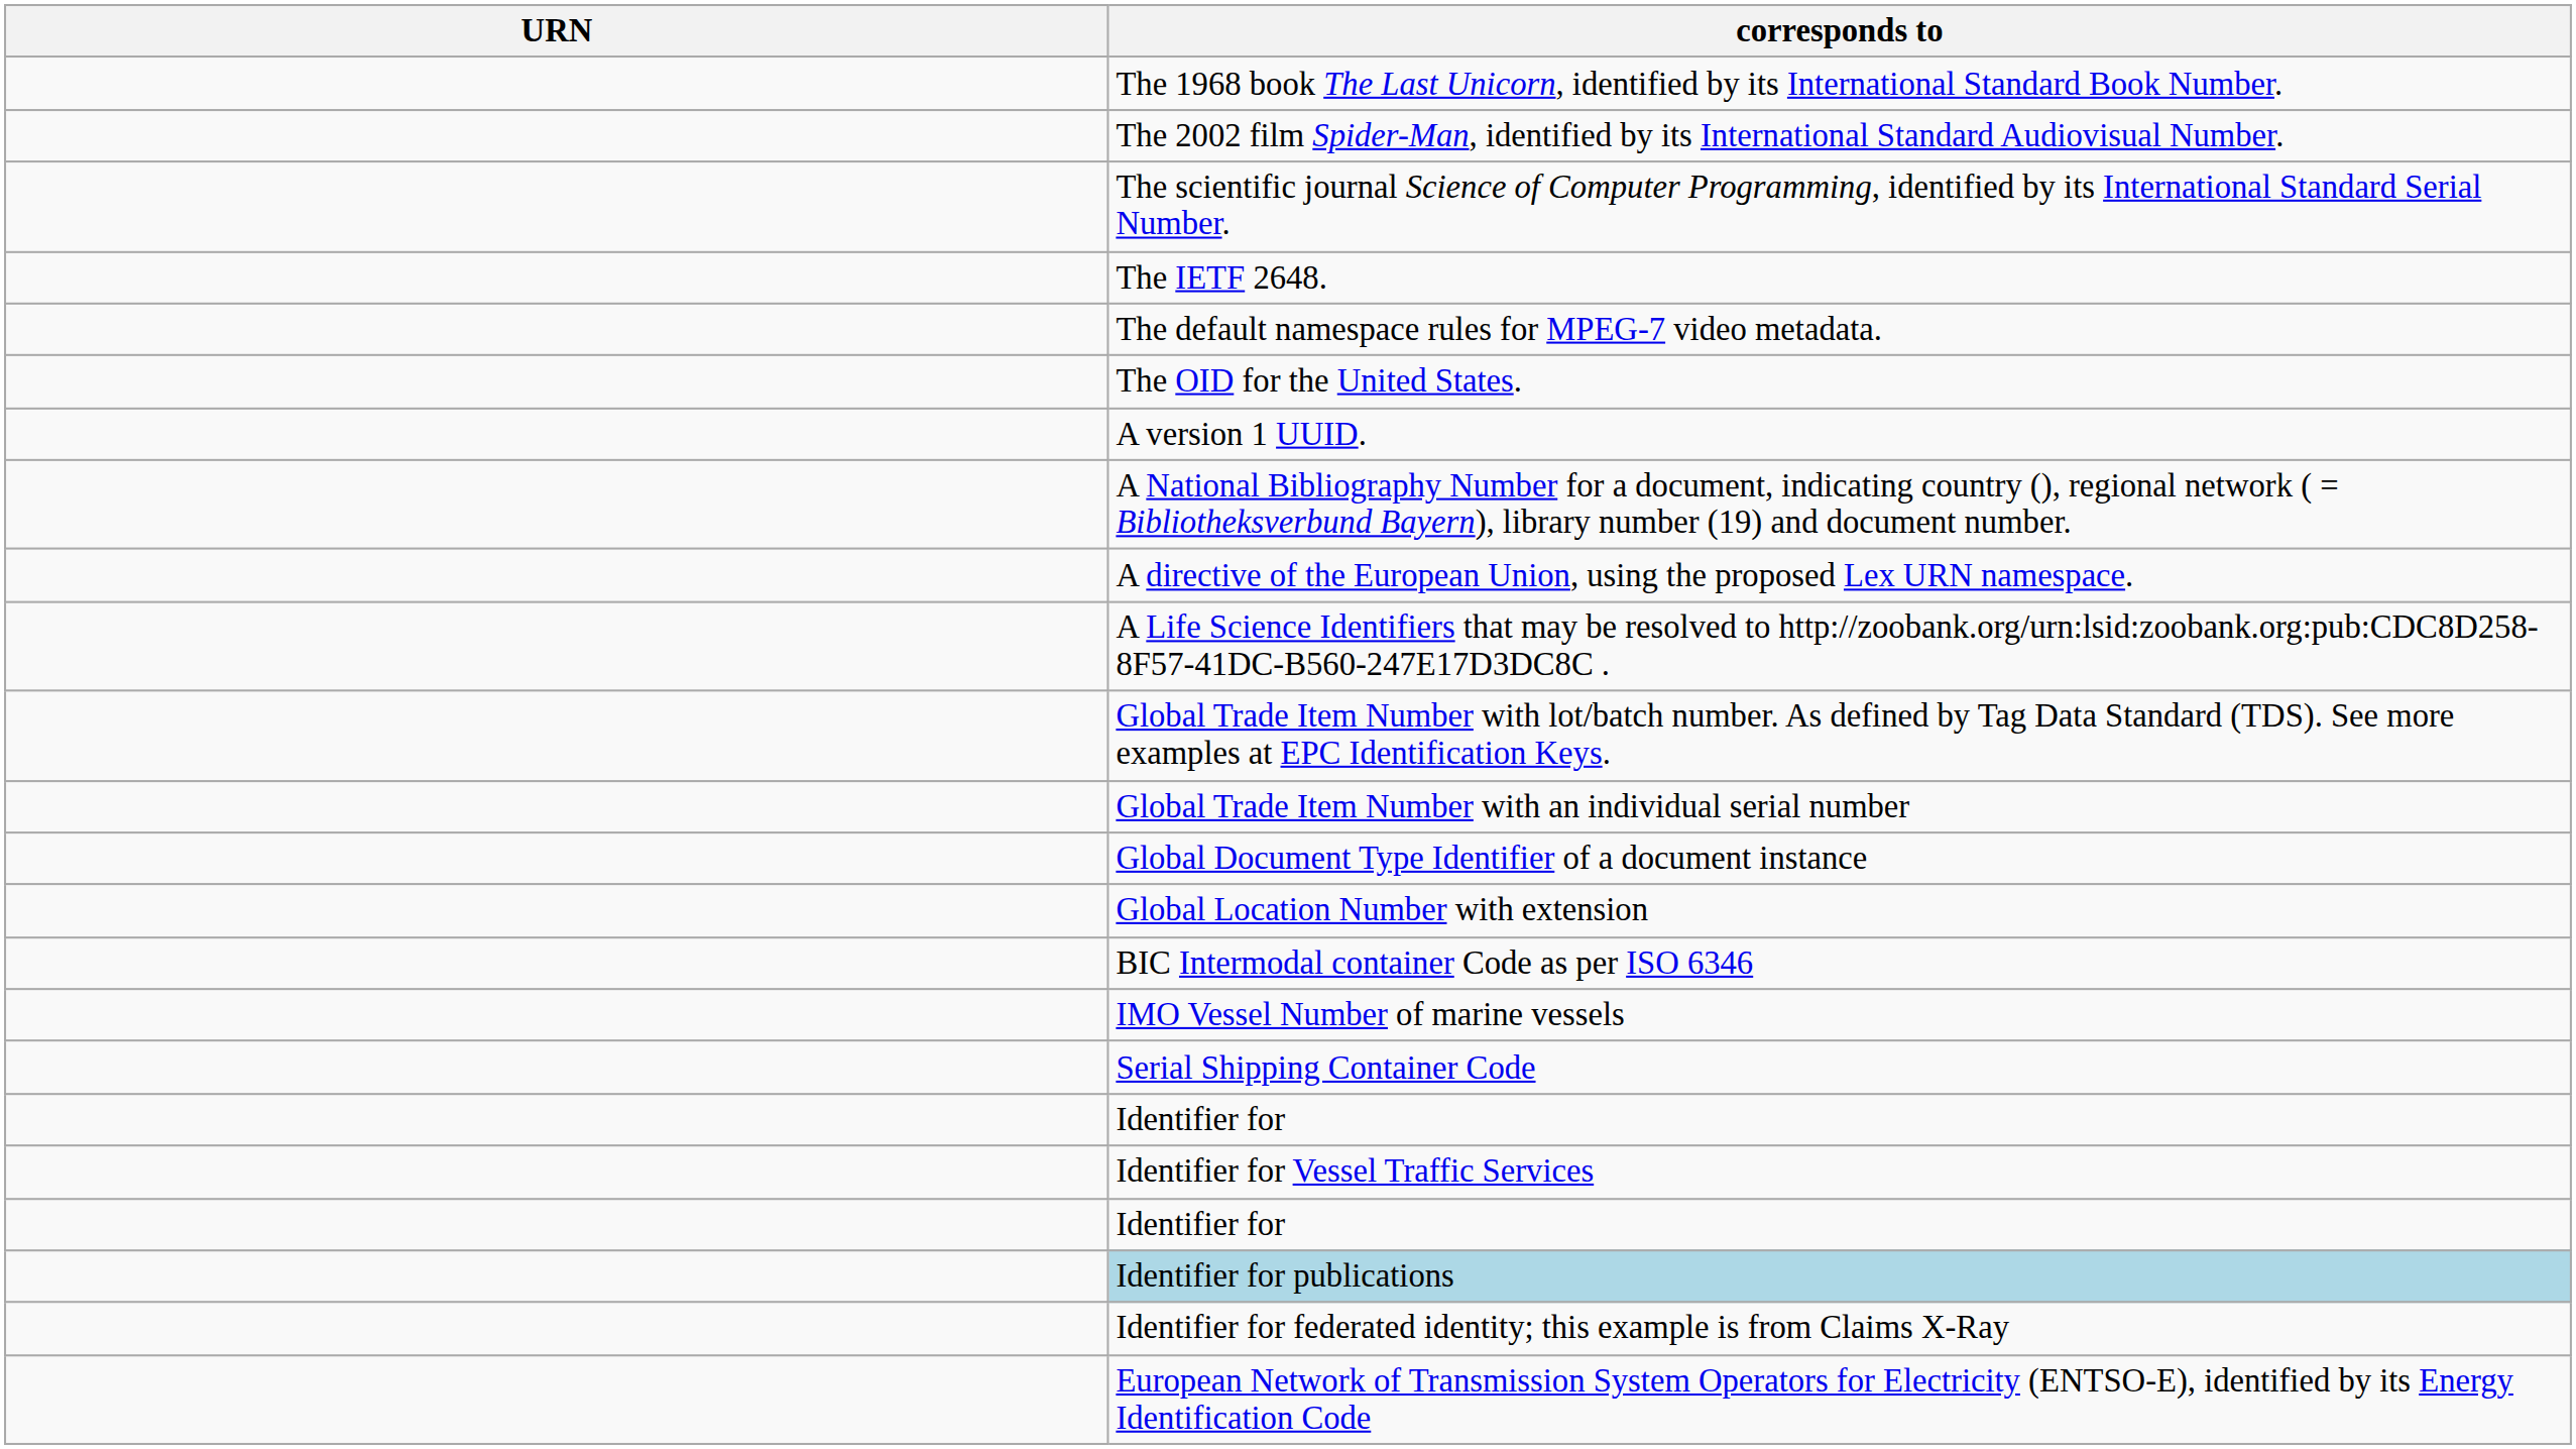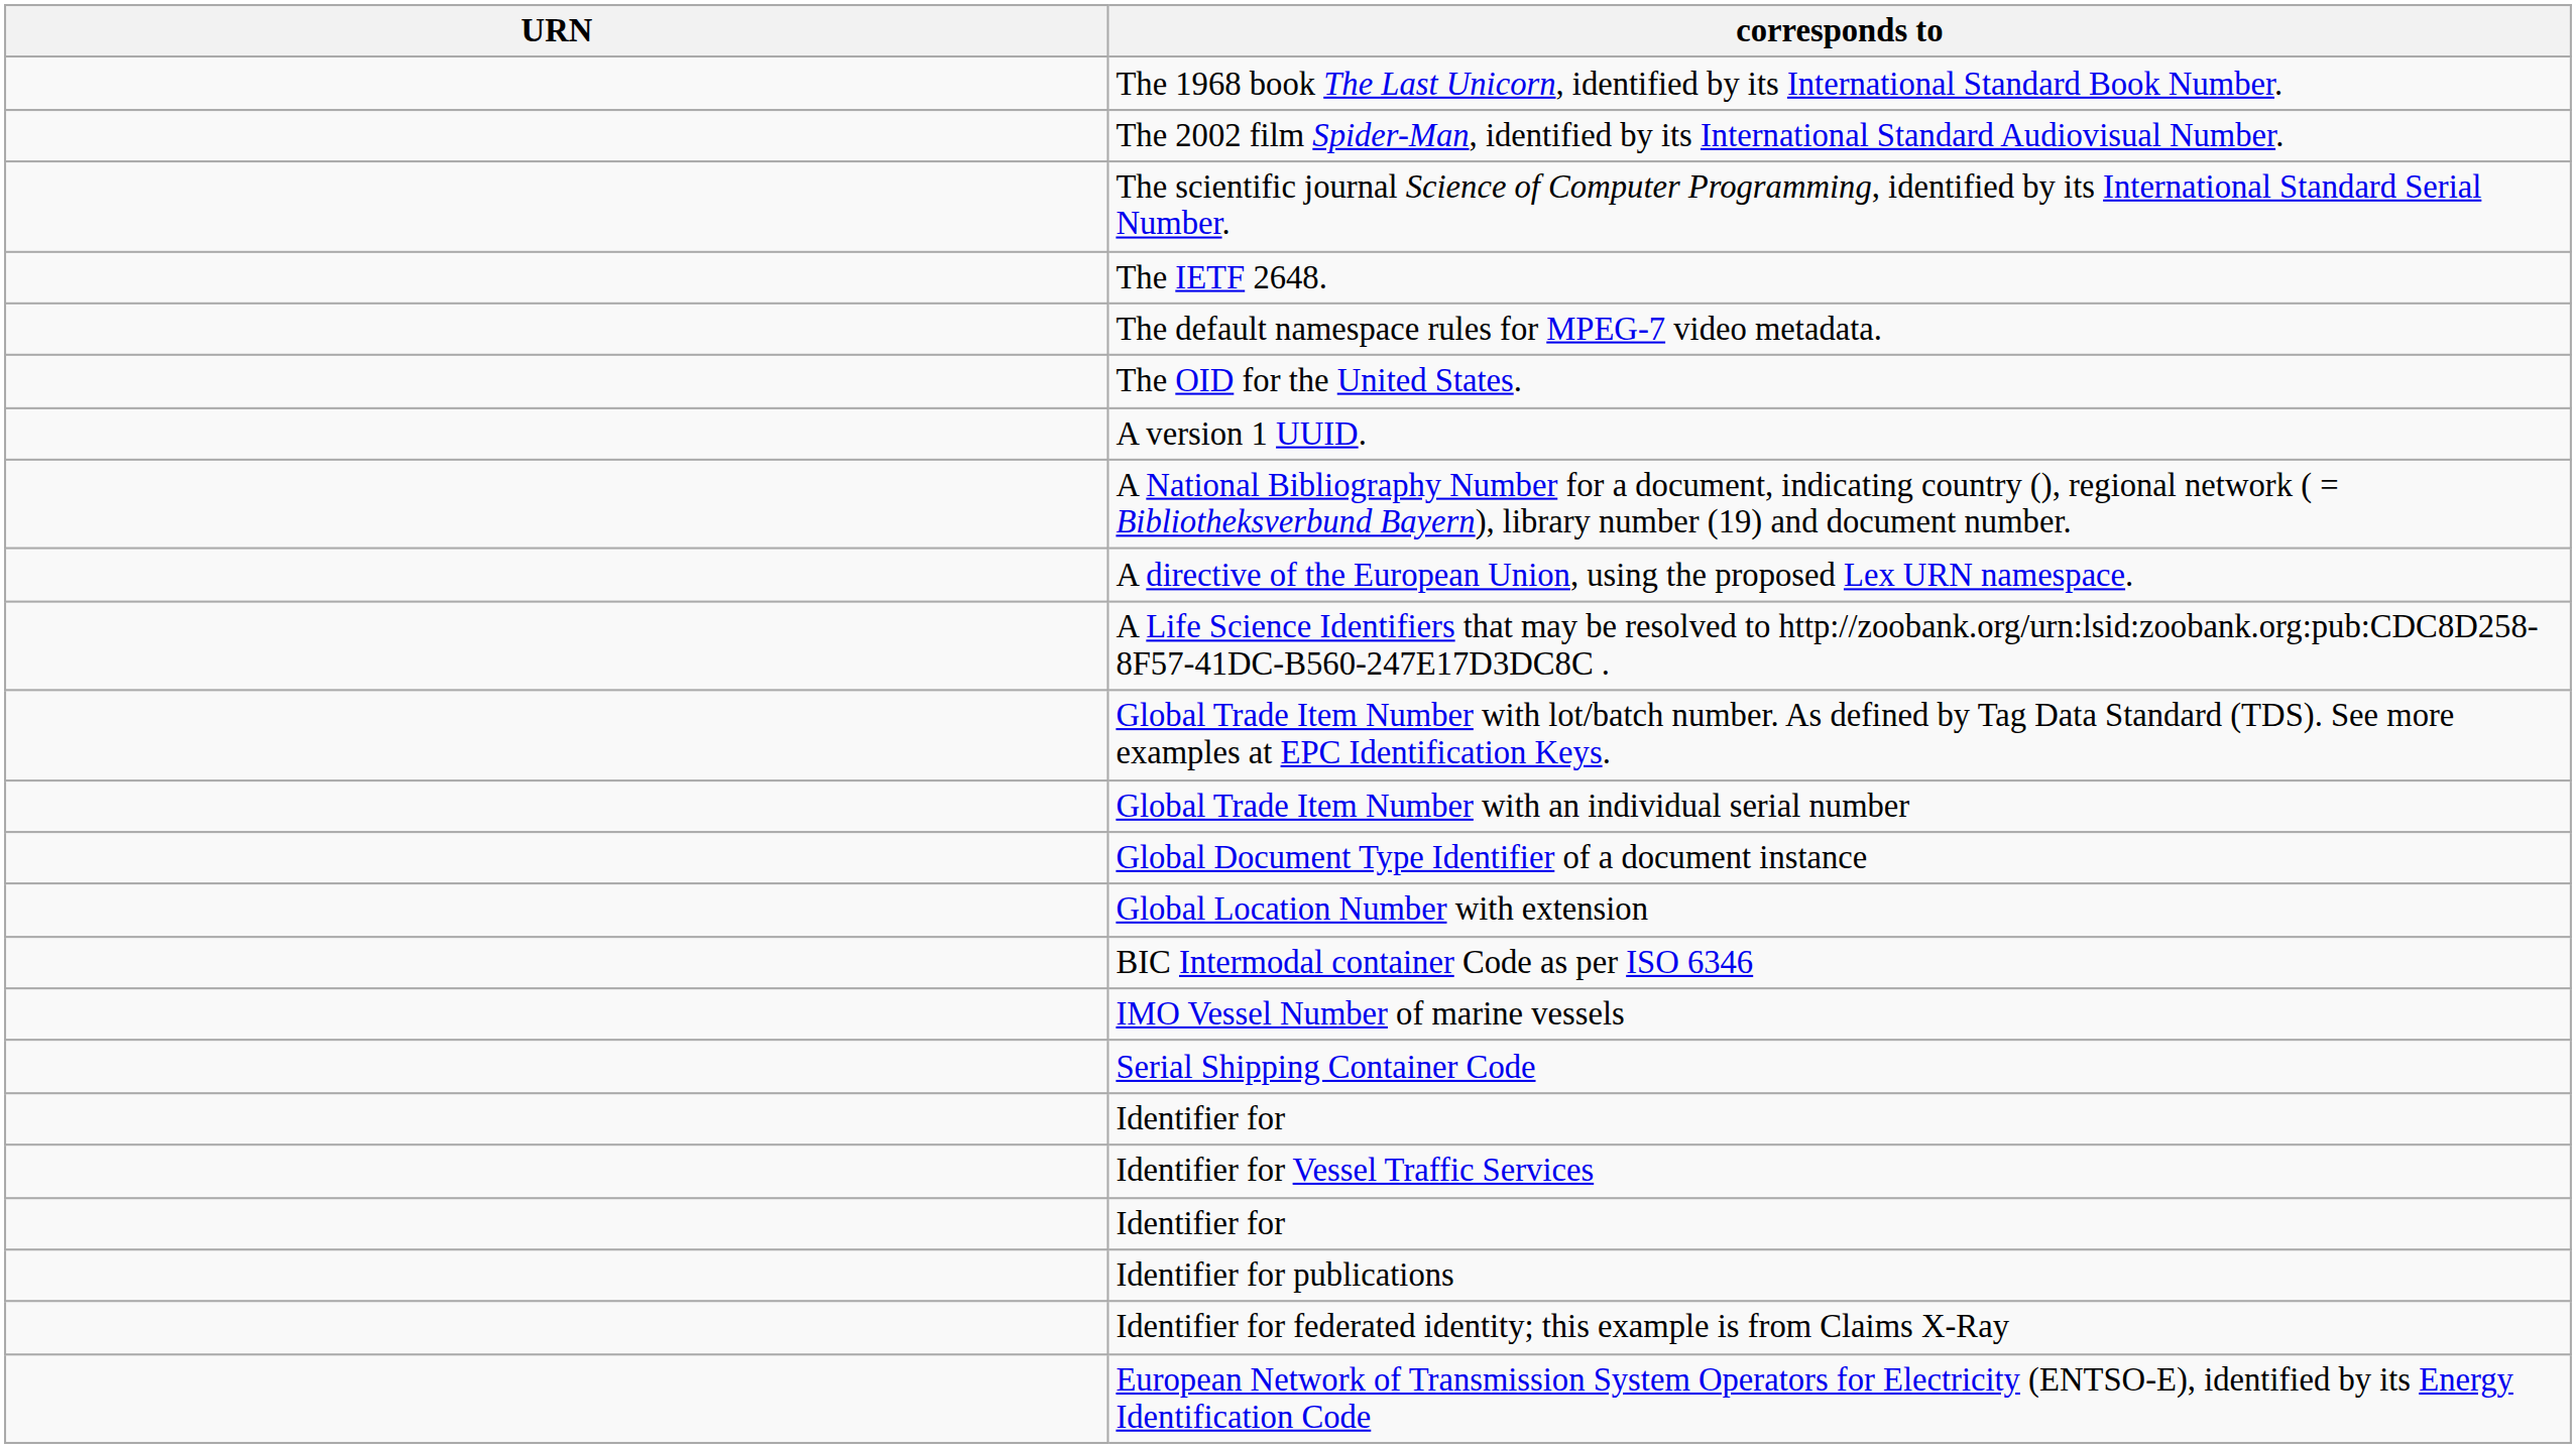 <table class="wikitable">
 <tr>
 <th style="width:43%;">URN</th>
 <th style="width:57%;">corresponds to</th>
 </tr>
 <tr>
 <td></td>
 <td>The 1968 book <em><a href='#'>The Last Unicorn</a></em>, identified by its <a href='#'>International Standard Book Number</a>.</td>
 </tr>
 <tr>
 <td></td>
 <td>The 2002 film <em><a href='#'>Spider-Man</a></em>, identified by its <a href='#'>International Standard Audiovisual Number</a>.</td>
 </tr>
 <tr>
 <td></td>
 <td>The scientific journal <em>Science of Computer Programming</em>, identified by its <a href='#'>International Standard Serial Number</a>.</td>
 </tr>
 <tr>
 <td></td>
 <td>The <a href='#'>IETF</a> 2648.</td>
 </tr>
 <tr>
 <td></td>
 <td>The default namespace rules for <a href='#'>MPEG-7</a> video metadata.</td>
 </tr>
 <tr>
 <td></td>
 <td>The <a href='#'>OID</a> for the <a href='#'>United States</a>.</td>
 </tr>
 <tr>
 <td></td>
 <td>A version 1 <a href='#'>UUID</a>.</td>
 </tr>
 <tr>
 <td></td>
 <td>A <a href='#'>National Bibliography Number</a> for a document, indicating country (<a href='#'></a>), regional network ( = <em><a href='#'>Bibliotheksverbund Bayern</a></em>), library number (19) and document number.</td>
 </tr>
 <tr>
 <td></td>
 <td>A <a href='#'>directive of the European Union</a>, using the proposed <a href='#'>Lex URN namespace</a>.</td>
 </tr>
 <tr>
 <td></td>
 <td>A <a href='#'>Life Science Identifiers</a> that may be resolved to http://zoobank.org/urn:lsid:zoobank.org:pub:CDC8D258-8F57-41DC-B560-247E17D3DC8C .</td>
 </tr>
 <tr>
 <td></td>
 <td><a href='#'>Global Trade Item Number</a> with lot/batch number. As defined by Tag Data Standard (TDS). See more examples at <a href='#'>EPC Identification Keys</a>.</td>
 </tr>
 <tr>
 <td></td>
 <td><a href='#'>Global Trade Item Number</a> with an individual serial number</td>
 </tr>
 <tr>
 <td></td>
 <td><a href='#'>Global Document Type Identifier</a> of a document instance</td>
 </tr>
 <tr>
 <td></td>
 <td><a href='#'>Global Location Number</a> with extension</td>
 </tr>
 <tr>
 <td></td>
 <td>BIC <a href='#'>Intermodal container</a> Code as per <a href='#'>ISO 6346</a></td>
 </tr>
 <tr>
 <td></td>
 <td><a href='#'>IMO Vessel Number</a> of marine vessels</td>
 </tr>
 <tr>
 <td></td>
 <td><a href='#'>Serial Shipping Container Code</a></td>
 </tr>
 <tr>
 <td></td>
 <td>Identifier for </td>
 </tr>
 <tr>
 <td></td>
 <td>Identifier for <a href='#'>Vessel Traffic Services</a></td>
 </tr>
 <tr>
 <td></td>
 <td>Identifier for </td>
 </tr>
 <tr>
 <td></td>
-<td style="background: lightblue;">Identifier for  publications</td>
+<td>Identifier for  publications</td>
 </tr>
 <tr>
 <td></td>
 <td>Identifier for federated identity; this example is from Claims X-Ray</td>
 </tr>
 <tr>
 <td></td>
 <td><a href='#'>European Network of Transmission System Operators for Electricity</a> (ENTSO-E), identified by its <a href='#'>Energy Identification Code</a></td>
 </tr>
 </table>
